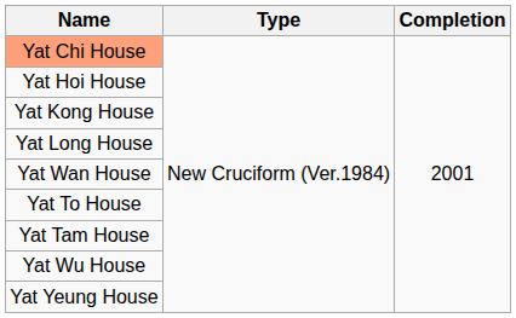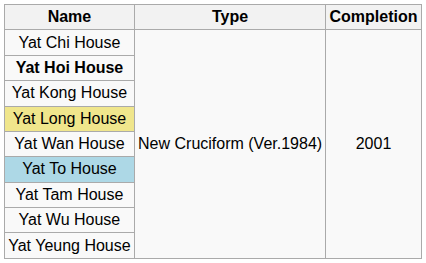 <table class="wikitable" style="text-align: center">
 <tr>
 <th>Name</th>
 <th>Type</th>
 <th>Completion</th>
 </tr>
 <tr>
-<td style="background: lightsalmon;">Yat Chi House</td>
+<td>Yat Chi House</td>
 <td rowspan="9">New Cruciform (Ver.1984)</td>
 <td rowspan="9">2001</td>
 </tr>
 <tr>
-<td>Yat Hoi House</td>
+<td><strong>Yat Hoi House</strong></td>
 </tr>
 <tr>
 <td>Yat Kong House</td>
 </tr>
 <tr>
-<td>Yat Long House</td>
+<td style="background: khaki;">Yat Long House</td>
 </tr>
 <tr>
 <td>Yat Wan House</td>
 </tr>
 <tr>
-<td>Yat To House</td>
+<td style="background: lightblue;">Yat To House</td>
 </tr>
 <tr>
 <td>Yat Tam House</td>
 </tr>
 <tr>
 <td>Yat Wu House</td>
 </tr>
 <tr>
 <td>Yat Yeung House</td>
 </tr>
 <tr>
 </tr>
 </table>
